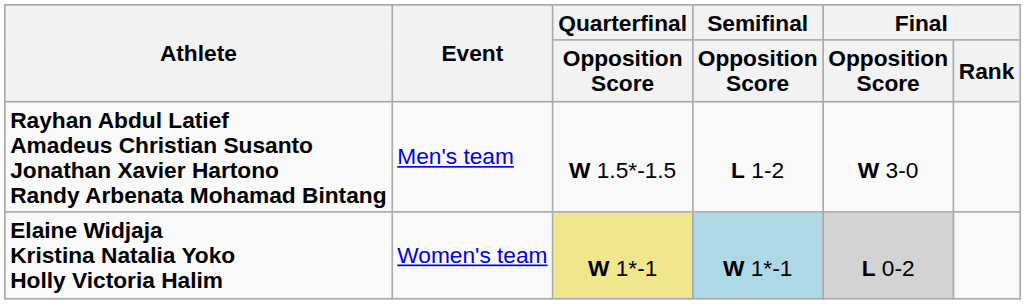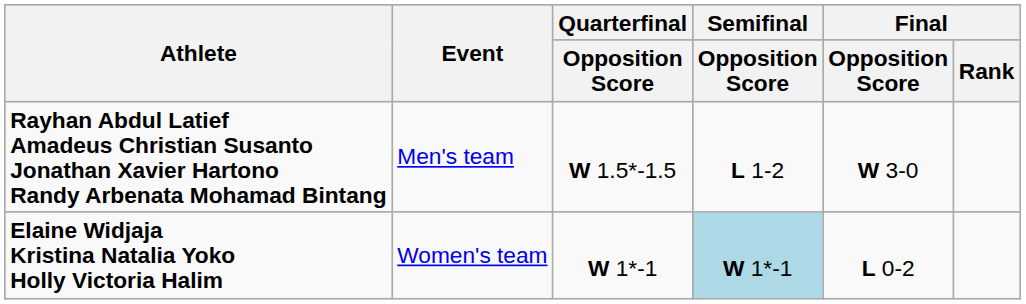 <table class="wikitable" style="font-size: 85%">
 <tr>
 <th rowspan="2">Athlete</th>
 <th rowspan="2">Event</th>
 <th>Quarterfinal</th>
 <th>Semifinal</th>
 <th colspan="2">Final</th>
 </tr>
 <tr>
 <th>Opposition<br>Score</th>
 <th>Opposition<br>Score</th>
 <th>Opposition<br>Score</th>
 <th>Rank</th>
 </tr>
 <tr align="center">
 <td align="left"><strong>Rayhan Abdul Latief<br>Amadeus Christian Susanto<br>Jonathan Xavier Hartono<br>Randy Arbenata Mohamad Bintang</strong></td>
 <td align="left"><a href='#'>Men's team</a></td>
 <td><br><strong>W</strong> 1.5*-1.5</td>
 <td><br><strong>L</strong> 1-2</td>
 <td><br><strong>W</strong> 3-0</td>
 <td></td>
 </tr>
 <tr align="center">
 <td align="left"><strong>Elaine Widjaja<br>Kristina Natalia Yoko<br>Holly Victoria Halim</strong></td>
 <td align="left" rowspan="4"><a href='#'>Women's team</a></td>
-<td style="background: khaki;"><br><strong>W</strong> 1*-1</td>
+<td><br><strong>W</strong> 1*-1</td>
 <td style="background: lightblue;"><br><strong>W</strong> 1*-1</td>
-<td style="background: lightgrey;"><br><strong>L</strong> 0-2</td>
+<td><br><strong>L</strong> 0-2</td>
 <td></td>
 </tr>
 </table>
